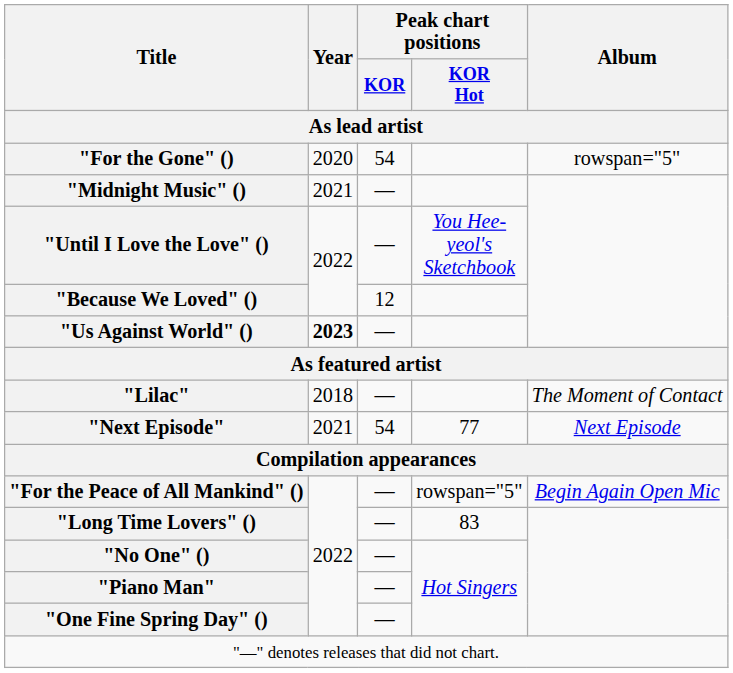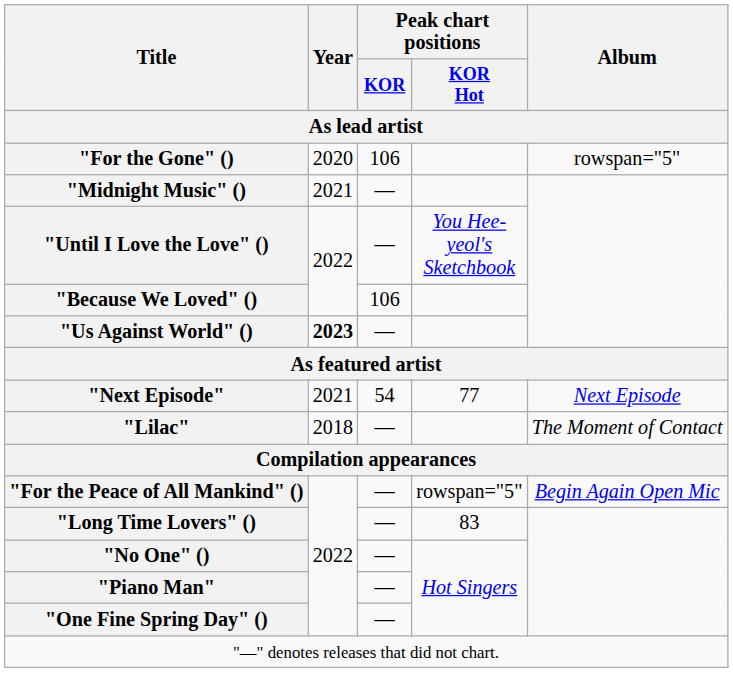 <table class="wikitable plainrowheaders" style="text-align:center;">
 <tr>
 <th scope="col" rowspan="2">Title</th>
 <th scope="col" rowspan="2">Year</th>
 <th scope="col" colspan="2">Peak chart positions</th>
 <th scope="col" rowspan="2">Album</th>
 </tr>
 <tr>
 <th scope="col" style="width:2.5em;font-size:90%;"><a href='#'>KOR</a><br></th>
 <th scope="col" style="width:2.5em;font-size:90%;"><a href='#'>KOR<br>Hot</a><br></th>
 </tr>
 <tr>
 <th scope="col" colspan="5">As lead artist</th>
 </tr>
 <tr>
 <th scope="row">"For the Gone" ()<br></th>
 <td>2020</td>
-<td>54</td>
+<td>106</td>
 <td></td>
 <td>rowspan="5" </td>
 </tr>
 <tr>
 <th scope="row">"Midnight Music" ()</th>
 <td>2021</td>
 <td>—</td>
 <td></td>
 </tr>
 <tr>
 <th scope="row">"Until I Love the Love" ()</th>
 <td rowspan="2">2022</td>
 <td>—</td>
 <td><em><a href='#'>You Hee-yeol's Sketchbook</a></em></td>
 </tr>
 <tr>
 <th scope="row">"Because We Loved" ()<br></th>
-<td>12</td>
+<td>106</td>
 <td></td>
 </tr>
 <tr>
 <th scope="row">"Us Against World" ()<br></th>
 <td><strong>2023</strong></td>
 <td>—</td>
 <td></td>
 </tr>
 <tr>
 <th scope="col" colspan="5">As featured artist</th>
 </tr>
 <tr>
+<th scope="row">"Next Episode"<br></th>
+<td>2021</td>
+<td>54</td>
+<td>77</td>
+<td><em><a href='#'>Next Episode</a></em></td>
+</tr>
+<tr>
 <th scope="row">"Lilac" <br></th>
 <td>2018</td>
 <td>—</td>
 <td></td>
 <td><em>The Moment of Contact</em></td>
-</tr>
-<tr>
-<th scope="row">"Next Episode"<br></th>
-<td>2021</td>
-<td>54</td>
-<td>77</td>
-<td><em><a href='#'>Next Episode</a></em></td>
 </tr>
 <tr>
 <th scope="col" colspan="5">Compilation appearances</th>
 </tr>
 <tr>
 <th scope="row">"For the Peace of All Mankind" () <br></th>
 <td rowspan="5">2022</td>
 <td>—</td>
 <td>rowspan="5" </td>
 <td><em><a href='#'>Begin Again Open Mic</a></em></td>
 </tr>
 <tr>
 <th scope="row">"Long Time Lovers" () <br></th>
 <td>—</td>
 <td>83</td>
 </tr>
 <tr>
 <th scope="row">"No One" () <br></th>
 <td>—</td>
 <td rowspan="3"><em><a href='#'>Hot Singers</a></em></td>
 </tr>
 <tr>
 <th scope="row">"Piano Man" <br></th>
 <td>—</td>
 </tr>
 <tr>
 <th scope="row">"One Fine Spring Day" () <br></th>
 <td>—</td>
 </tr>
 <tr>
 <td colspan="5" align="center"><small>"—" denotes releases that did not chart.</small></td>
 </tr>
 </table>
